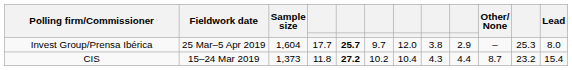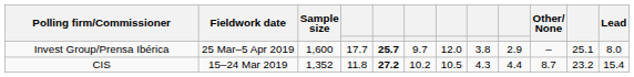 <table class="wikitable collapsible collapsed" style="text-align:center; font-size:90%; line-height:14px;">
 <tr style="height:42px;">
 <th style="width:250px;" rowspan="2">Polling firm/Commissioner</th>
 <th style="width:125px;" rowspan="2">Fieldwork date</th>
 <th style="width:50px;" rowspan="2">Sample size</th>
 <th style="width:35px;"></th>
 <th style="width:35px;"></th>
 <th style="width:35px;"></th>
 <th style="width:35px;"></th>
 <th style="width:35px;"></th>
 <th style="width:35px;"></th>
 <th style="width:35px;" rowspan="2">Other/<br>None</th>
 <th style="width:35px;" rowspan="2"></th>
 <th style="width:30px;" rowspan="2">Lead</th>
 </tr>
 <tr>
 <th style="color:inherit;background:"></th>
 <th style="color:inherit;background:"></th>
 <th style="color:inherit;background:"></th>
 <th style="color:inherit;background:"></th>
 <th style="color:inherit;background:"></th>
 <th style="color:inherit;background:"></th>
 </tr>
 <tr>
 <td>Invest Group/Prensa Ibérica</td>
 <td>25 Mar–5 Apr 2019</td>
-<td>1,604</td>
+<td>1,600</td>
 <td>17.7</td>
 <td><strong>25.7</strong></td>
 <td>9.7</td>
 <td>12.0</td>
 <td>3.8</td>
 <td>2.9</td>
 <td>–</td>
-<td>25.3</td>
+<td>25.1</td>
 <td style="background:">8.0</td>
 </tr>
 <tr>
 <td>CIS</td>
 <td>15–24 Mar 2019</td>
-<td>1,373</td>
+<td>1,352</td>
 <td>11.8</td>
 <td><strong>27.2</strong></td>
 <td>10.2</td>
-<td>10.4</td>
+<td>10.5</td>
 <td>4.3</td>
 <td>4.4</td>
 <td>8.7</td>
 <td>23.2</td>
 <td style="background:">15.4</td>
 </tr>
 </table>
